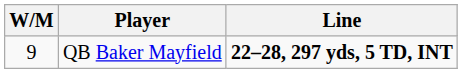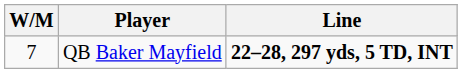 <table class="wikitable" style="text-align:center">
 <tr>
 <th>W/M</th>
 <th>Player</th>
 <th>Line</th>
 </tr>
 <tr>
-<td>9</td>
+<td>7</td>
 <td>QB <a href='#'>Baker Mayfield</a></td>
 <td><strong>22–28, 297 yds, 5 TD, INT</strong></td>
 </tr>
 </table>
